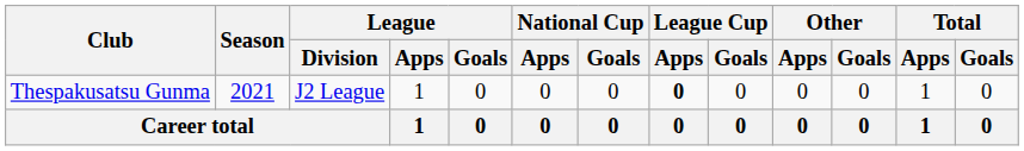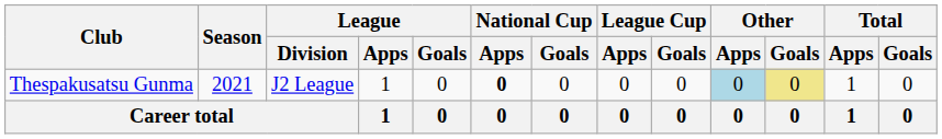 <table class="wikitable" style="text-align: center">
 <tr>
 <th rowspan="2">Club</th>
 <th rowspan="2">Season</th>
 <th colspan="3">League</th>
 <th colspan="2">National Cup</th>
 <th colspan="2">League Cup</th>
 <th colspan="2">Other</th>
 <th colspan="2">Total</th>
 </tr>
 <tr>
 <th>Division</th>
 <th>Apps</th>
 <th>Goals</th>
 <th>Apps</th>
 <th>Goals</th>
 <th>Apps</th>
 <th>Goals</th>
 <th>Apps</th>
 <th>Goals</th>
 <th>Apps</th>
 <th>Goals</th>
 </tr>
 <tr>
 <td><a href='#'>Thespakusatsu Gunma</a></td>
 <td><a href='#'>2021</a></td>
 <td><a href='#'>J2 League</a></td>
 <td>1</td>
 <td>0</td>
-<td>0</td>
-<td>0</td>
 <td><strong>0</strong></td>
 <td>0</td>
 <td>0</td>
 <td>0</td>
+<td style="background: lightblue;">0</td>
+<td style="background: khaki;">0</td>
 <td>1</td>
 <td>0</td>
 </tr>
 <tr>
 <th colspan=3>Career total</th>
 <th>1</th>
 <th>0</th>
 <th>0</th>
 <th>0</th>
 <th>0</th>
 <th>0</th>
 <th>0</th>
 <th>0</th>
 <th>1</th>
 <th>0</th>
 </tr>
 </table>
